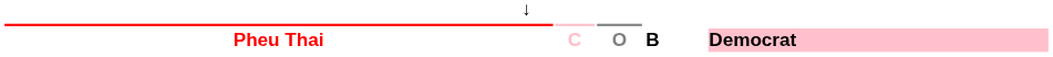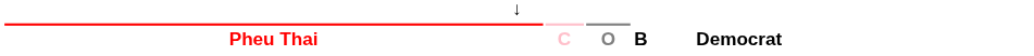 <table width=70%>
 <tr>
 <td colspan=5 align=center>↓</td>
 </tr>
 <tr>
 <td bgcolor=red width=53% style="color:white;"></td>
 <td bgcolor=pink width=3.8% style="color:white;"></td>
 <td bgcolor=gray width=4.4% style="color:white;"></td>
 <td bgcolor=></td>
 <td bgcolor=></td>
 </tr>
 <tr>
 <td style="color:red; text-align:center;"><strong>Pheu Thai</strong></td>
 <td style="color:pink; text-align:center;"><strong>C</strong></td>
 <td style="color:gray; text-align:center;"><strong>O</strong></td>
 <td style="color:"><strong>B</strong></td>
-<td style="background: pink; color:"><strong>Democrat</strong></td>
+<td style="color:"><strong>Democrat</strong></td>
 </tr>
 </table>
